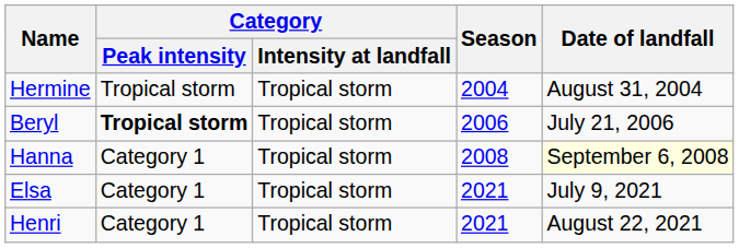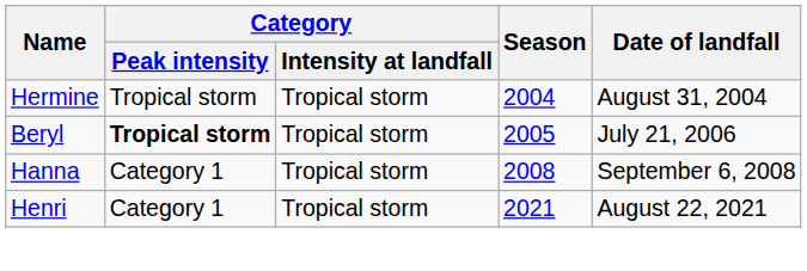 <table class="wikitable" style="margin:1em auto;">
 <tr>
 <th rowspan=2>Name</th>
 <th colspan=2><a href='#'>Category</a></th>
 <th rowspan=2>Season</th>
 <th rowspan=2>Date of landfall</th>
 </tr>
 <tr>
 <th><a href='#'>Peak intensity</a></th>
 <th>Intensity at landfall</th>
 </tr>
 <tr>
 <td><a href='#'>Hermine</a></td>
 <td style="background: #">Tropical storm</td>
 <td style="background: #">Tropical storm</td>
 <td><a href='#'>2004</a></td>
 <td>August 31, 2004</td>
 </tr>
 <tr>
 <td><a href='#'>Beryl</a></td>
 <td style="background: #"><strong>Tropical storm</strong></td>
 <td style="background: #">Tropical storm</td>
-<td><a href='#'>2006</a></td>
+<td><a href='#'>2005</a></td>
 <td>July 21, 2006</td>
 </tr>
 <tr>
 <td><a href='#'>Hanna</a></td>
 <td style="background: #">Category 1</td>
 <td style="background: #">Tropical storm</td>
 <td><a href='#'>2008</a></td>
-<td style="background: lightyellow;">September 6, 2008</td>
-</tr>
-<tr>
-<td><a href='#'>Elsa</a></td>
-<td style="background: #">Category 1</td>
-<td style="background: #">Tropical storm</td>
-<td><a href='#'>2021</a></td>
-<td>July 9, 2021</td>
+<td>September 6, 2008</td>
 </tr>
 <tr>
 <td><a href='#'>Henri</a></td>
 <td style="background: #">Category 1</td>
 <td style="background: #">Tropical storm</td>
 <td><a href='#'>2021</a></td>
 <td>August 22, 2021</td>
 </tr>
 </table>
